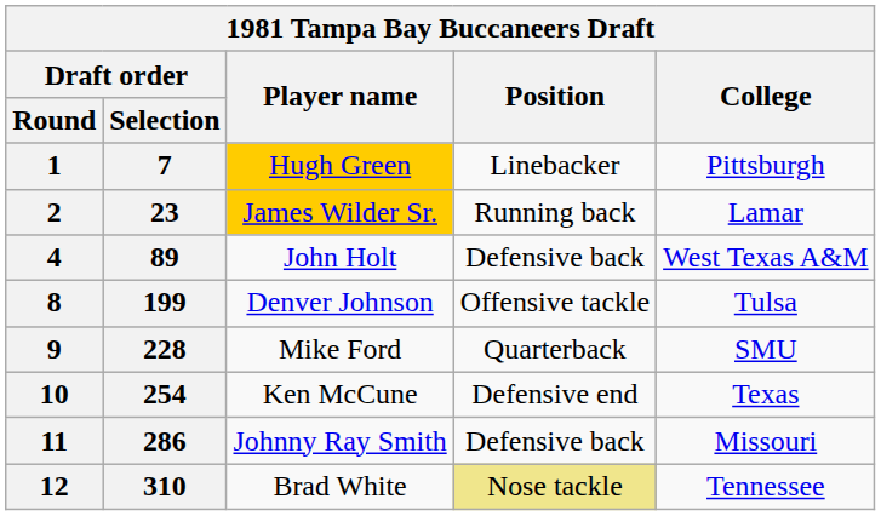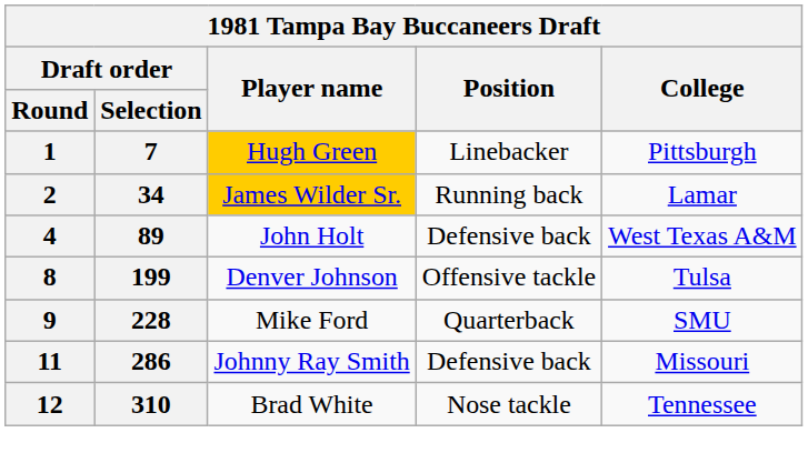 <table class="wikitable" style="text-align:center">
 <tr>
 <th colspan="5">1981 Tampa Bay Buccaneers Draft</th>
 </tr>
 <tr>
 <th colspan="2">Draft order</th>
 <th rowspan="2">Player name</th>
 <th rowspan="2">Position</th>
 <th rowspan="2">College</th>
 </tr>
 <tr>
 <th>Round</th>
 <th>Selection</th>
 </tr>
 <tr>
 <th>1</th>
 <th>7</th>
 <td bgcolor=#FFCC00><a href='#'>Hugh Green</a></td>
 <td>Linebacker</td>
 <td><a href='#'>Pittsburgh</a></td>
 </tr>
 <tr>
 <th>2</th>
-<th>23</th>
+<th>34</th>
 <td bgcolor=#FFCC00><a href='#'>James Wilder Sr.</a></td>
 <td>Running back</td>
 <td><a href='#'>Lamar</a></td>
 </tr>
 <tr>
 <th>4</th>
 <th>89</th>
 <td><a href='#'>John Holt</a></td>
 <td>Defensive back</td>
 <td><a href='#'>West Texas A&M</a></td>
 </tr>
 <tr>
 <th>8</th>
 <th>199</th>
 <td><a href='#'>Denver Johnson</a></td>
 <td>Offensive tackle</td>
 <td><a href='#'>Tulsa</a></td>
 </tr>
 <tr>
 <th>9</th>
 <th>228</th>
 <td>Mike Ford</td>
 <td>Quarterback</td>
 <td><a href='#'>SMU</a></td>
 </tr>
 <tr>
-<th>10</th>
-<th>254</th>
-<td>Ken McCune</td>
-<td>Defensive end</td>
-<td><a href='#'>Texas</a></td>
-</tr>
-<tr>
 <th>11</th>
 <th>286</th>
 <td><a href='#'>Johnny Ray Smith</a></td>
 <td>Defensive back</td>
 <td><a href='#'>Missouri</a></td>
 </tr>
 <tr>
 <th>12</th>
 <th>310</th>
 <td>Brad White</td>
-<td style="background: khaki;">Nose tackle</td>
+<td>Nose tackle</td>
 <td><a href='#'>Tennessee</a></td>
 </tr>
 </table>
